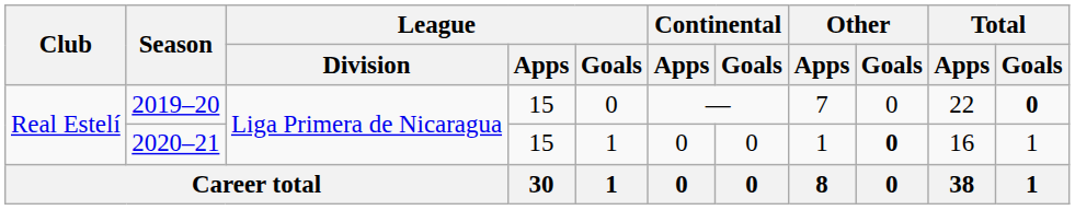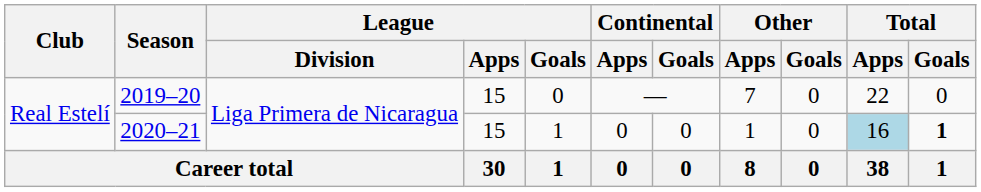 <table class="wikitable" Style="text-align: center">
 <tr>
 <th rowspan="2">Club</th>
 <th rowspan="2">Season</th>
 <th colspan="3">League</th>
 <th colspan="2">Continental</th>
 <th colspan="2">Other</th>
 <th colspan="2">Total</th>
 </tr>
 <tr>
 <th>Division</th>
 <th>Apps</th>
 <th>Goals</th>
 <th>Apps</th>
 <th>Goals</th>
 <th>Apps</th>
 <th>Goals</th>
 <th>Apps</th>
 <th>Goals</th>
 </tr>
 <tr>
 <td rowspan="2"><a href='#'>Real Estelí</a></td>
 <td><a href='#'>2019–20</a></td>
 <td rowspan="2"><a href='#'>Liga Primera de Nicaragua</a></td>
 <td>15</td>
 <td>0</td>
 <td colspan="2">—</td>
 <td>7</td>
 <td>0</td>
 <td>22</td>
-<td><strong>0</strong></td>
+<td>0</td>
 </tr>
 <tr>
 <td><a href='#'>2020–21</a></td>
 <td>15</td>
 <td>1</td>
 <td>0</td>
 <td>0</td>
 <td>1</td>
-<td><strong>0</strong></td>
-<td>16</td>
-<td>1</td>
+<td>0</td>
+<td style="background: lightblue;">16</td>
+<td><strong>1</strong></td>
 </tr>
 <tr>
 <th colspan="3">Career total</th>
 <th>30</th>
 <th>1</th>
 <th>0</th>
 <th>0</th>
 <th>8</th>
 <th>0</th>
 <th>38</th>
 <th>1</th>
 </tr>
 </table>
